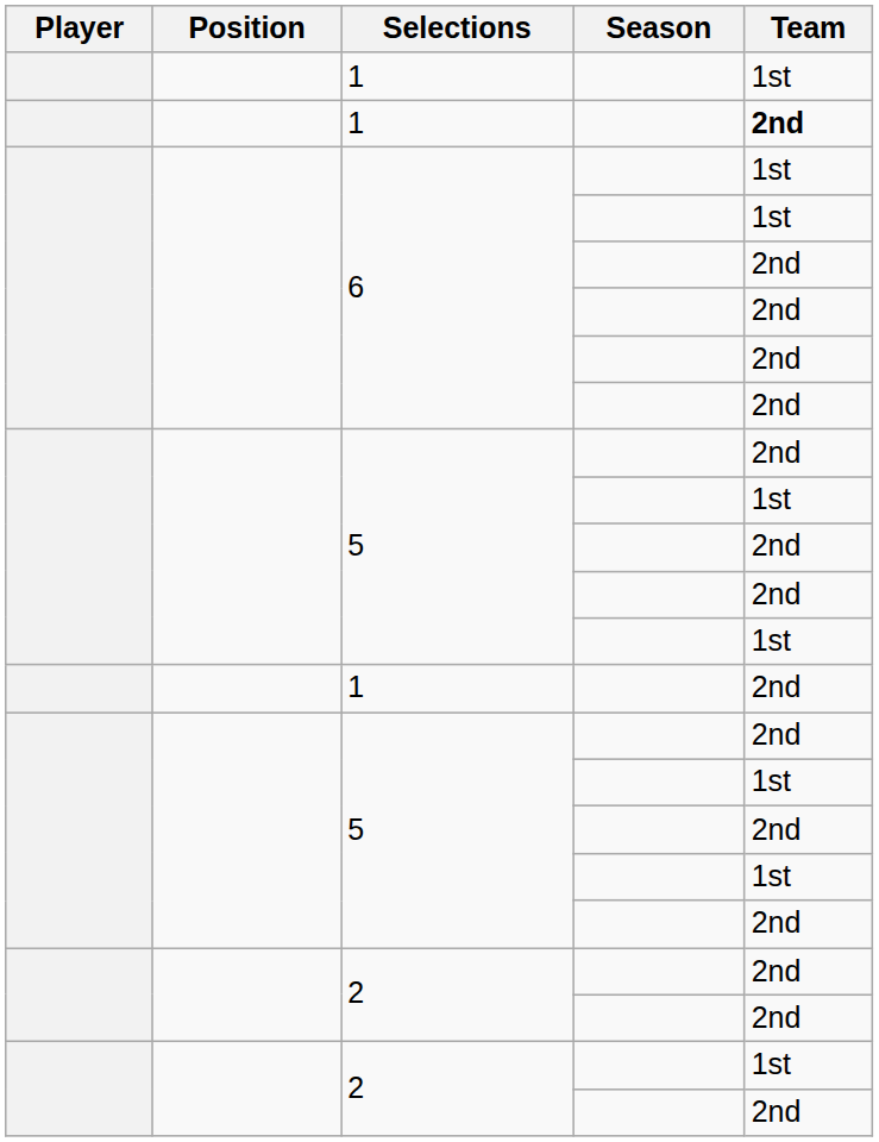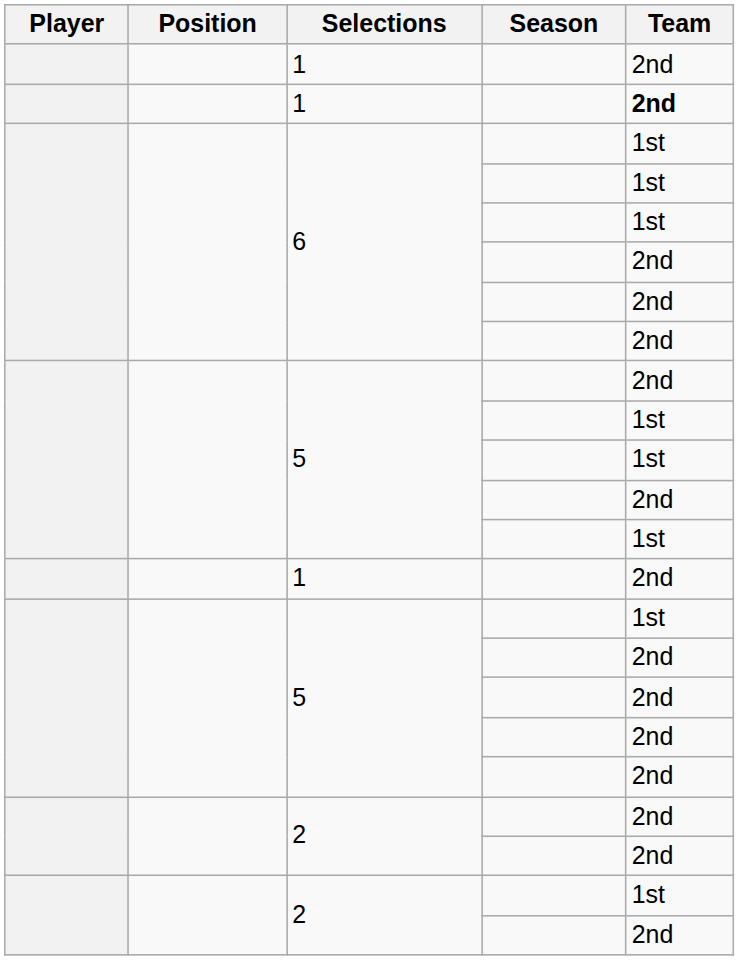 <table class="wikitable sortable" width="75%">
 <tr>
 <th scope="col">Player</th>
 <th scope="col">Position</th>
 <th scope="col">Selections</th>
 <th scope="col">Season</th>
 <th scope="col">Team</th>
 </tr>
 <tr>
 <th scope="row"></th>
 <td></td>
 <td>1</td>
 <td></td>
-<td>1st</td>
+<td>2nd</td>
 </tr>
 <tr>
 <th scope="row"></th>
 <td></td>
 <td>1</td>
 <td></td>
 <td><strong>2nd</strong></td>
 </tr>
 <tr>
 <th scope="row" rowspan="6"></th>
 <td rowspan="6"></td>
 <td rowspan="6">6</td>
 <td></td>
 <td>1st</td>
 </tr>
 <tr>
 <td></td>
 <td>1st</td>
 </tr>
 <tr>
 <td></td>
-<td>2nd</td>
+<td>1st</td>
 </tr>
 <tr>
 <td></td>
 <td>2nd</td>
 </tr>
 <tr>
 <td></td>
 <td>2nd</td>
 </tr>
 <tr>
 <td></td>
 <td>2nd</td>
 </tr>
 <tr>
 <th scope="row" rowspan="5"></th>
 <td rowspan="5"></td>
 <td rowspan="5">5</td>
 <td></td>
 <td>2nd</td>
 </tr>
 <tr>
 <td></td>
 <td>1st</td>
 </tr>
 <tr>
 <td></td>
-<td>2nd</td>
+<td>1st</td>
 </tr>
 <tr>
 <td></td>
 <td>2nd</td>
 </tr>
 <tr>
 <td></td>
 <td>1st</td>
 </tr>
 <tr>
 <th scope="row"></th>
 <td></td>
 <td>1</td>
 <td></td>
 <td>2nd</td>
 </tr>
 <tr>
 <th scope="row" rowspan="5"></th>
 <td rowspan="5"></td>
 <td rowspan="5">5</td>
 <td></td>
-<td>2nd</td>
-</tr>
-<tr>
-<td></td>
 <td>1st</td>
 </tr>
 <tr>
 <td></td>
 <td>2nd</td>
 </tr>
 <tr>
 <td></td>
-<td>1st</td>
+<td>2nd</td>
+</tr>
+<tr>
+<td></td>
+<td>2nd</td>
 </tr>
 <tr>
 <td></td>
 <td>2nd</td>
 </tr>
 <tr>
 <th scope="row" rowspan="2"></th>
 <td rowspan="2"></td>
 <td rowspan="2">2</td>
 <td></td>
 <td>2nd</td>
 </tr>
 <tr>
 <td></td>
 <td>2nd</td>
 </tr>
 <tr>
 <th scope="row" rowspan="2"></th>
 <td rowspan="2"></td>
 <td rowspan="2">2</td>
 <td></td>
 <td>1st</td>
 </tr>
 <tr>
 <td></td>
 <td>2nd</td>
 </tr>
 </table>
